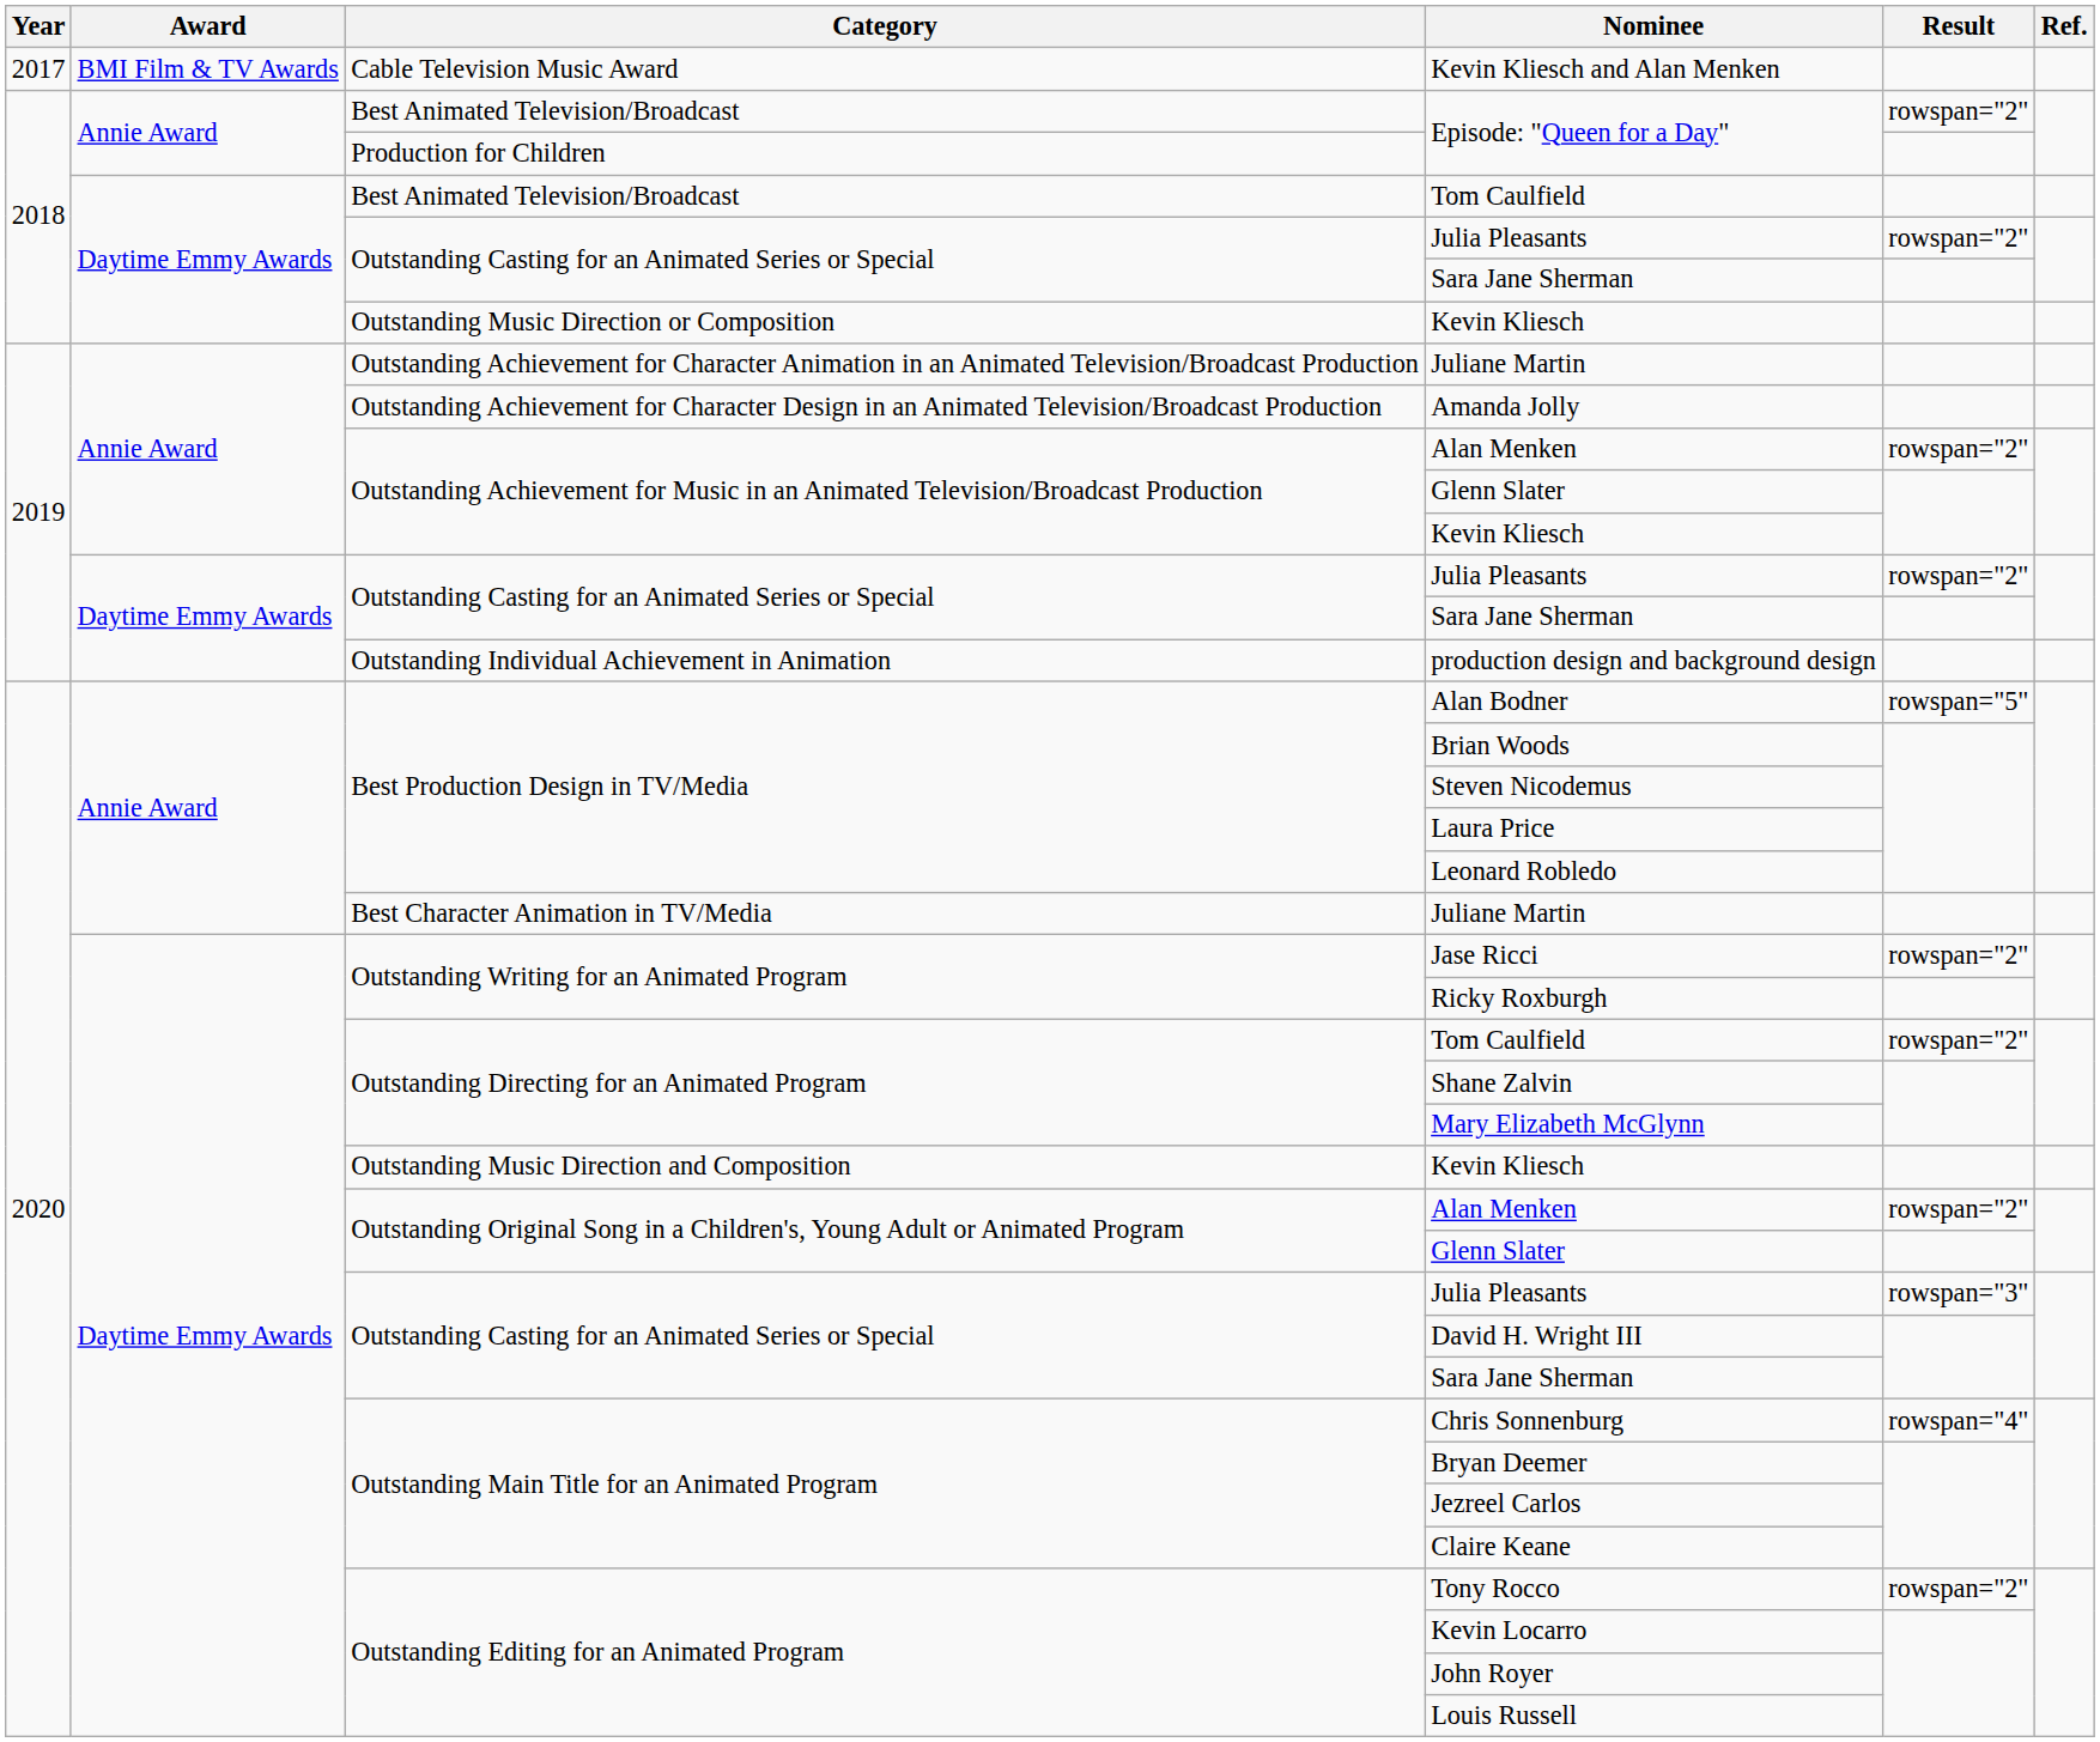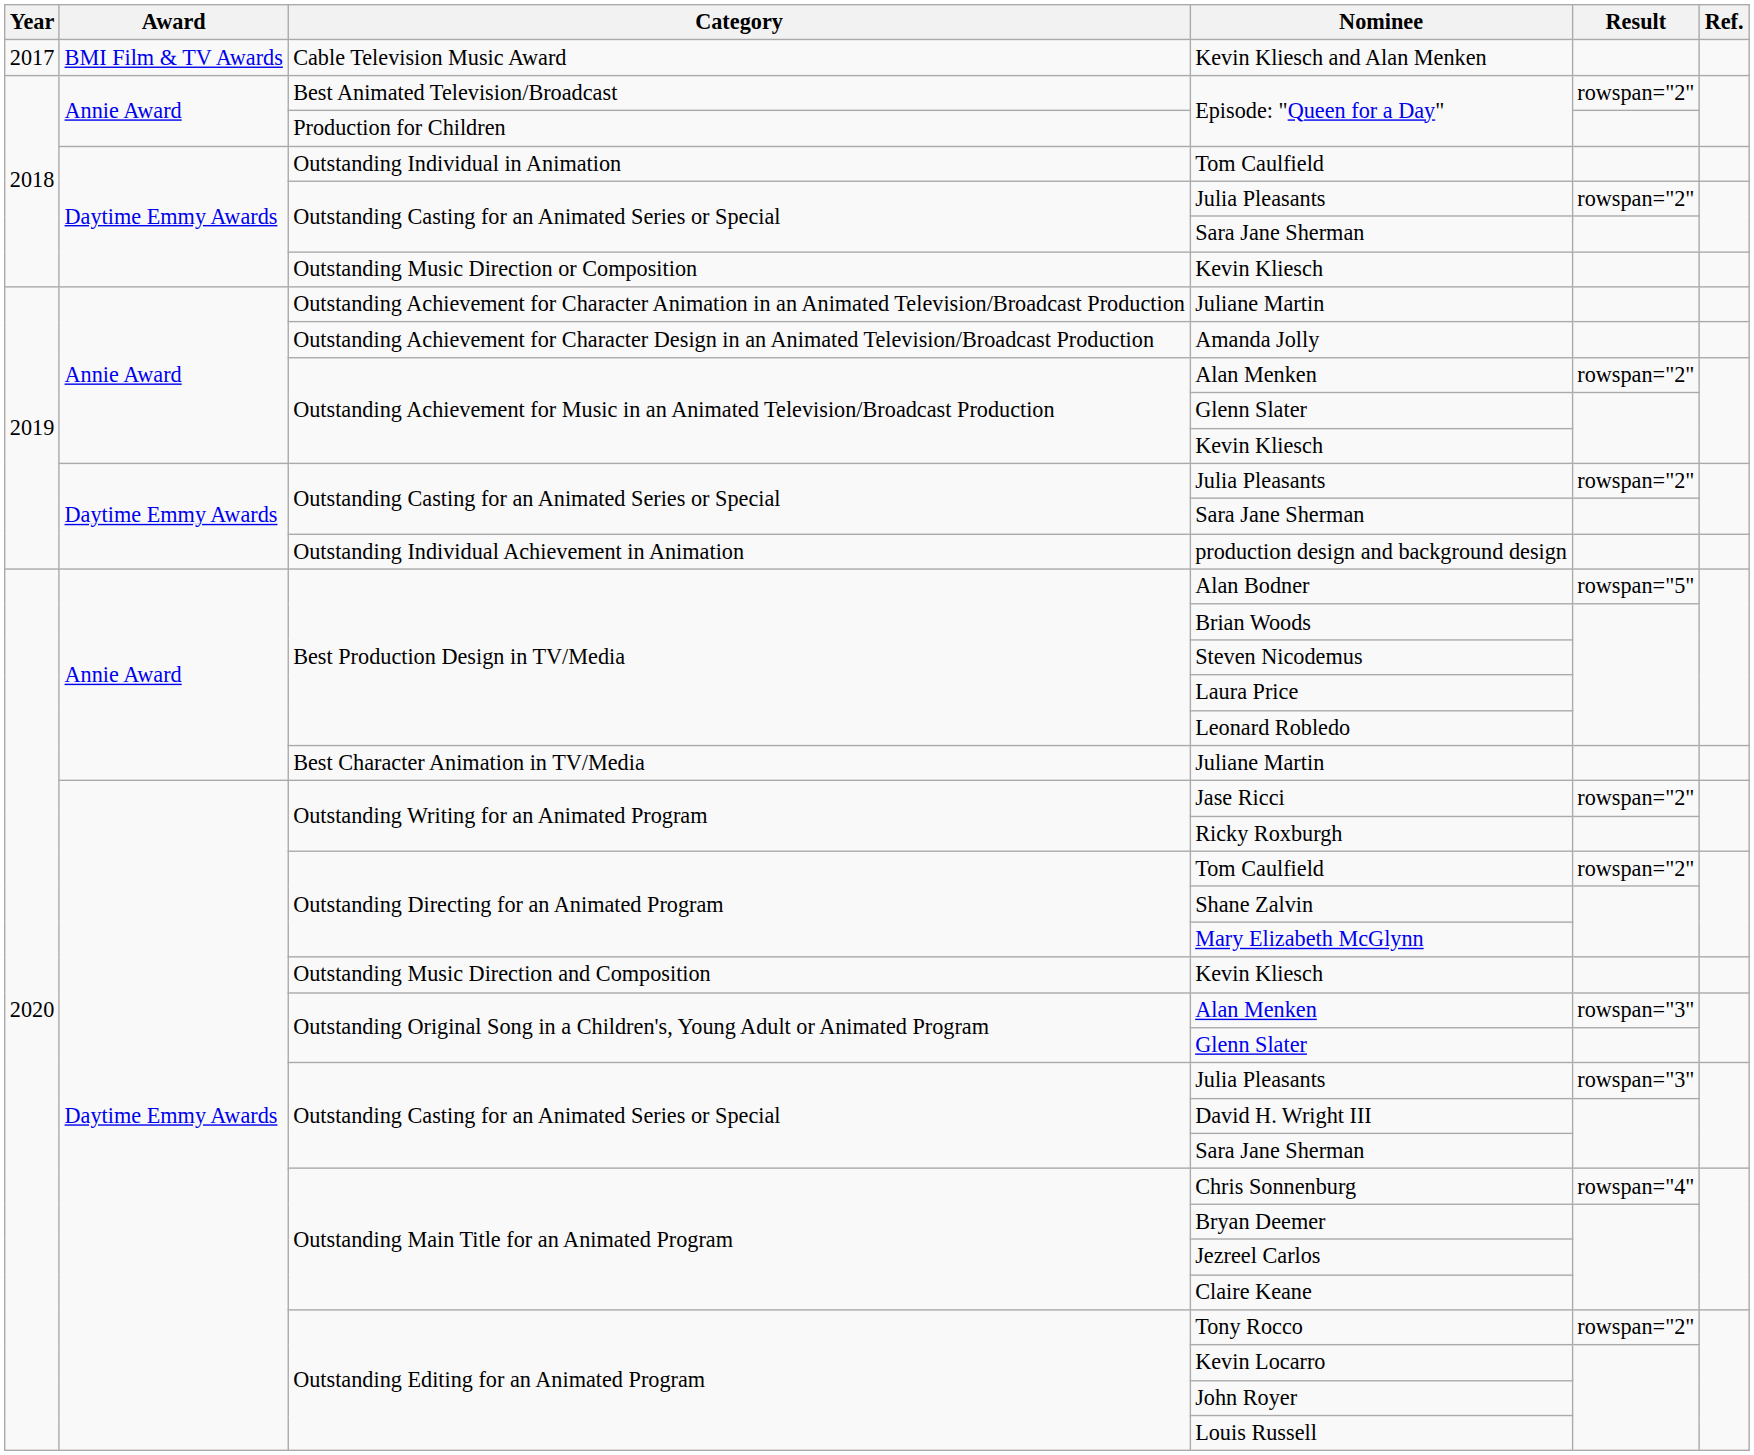 <table class="wikitable">
 <tr>
 <th>Year</th>
 <th>Award</th>
 <th>Category</th>
 <th>Nominee</th>
 <th>Result</th>
 <th>Ref.</th>
 </tr>
 <tr>
 <td>2017</td>
 <td><a href='#'>BMI Film & TV Awards</a></td>
 <td>Cable Television Music Award</td>
 <td>Kevin Kliesch and Alan Menken</td>
 <td></td>
 <td></td>
 </tr>
 <tr>
 <td rowspan="6">2018</td>
 <td rowspan="2"><a href='#'>Annie Award</a></td>
 <td>Best Animated Television/Broadcast</td>
 <td rowspan="2">Episode: "<a href='#'>Queen for a Day</a>"</td>
 <td>rowspan="2" </td>
 <td rowspan="2"></td>
 </tr>
 <tr>
 <td>Production for Children</td>
 </tr>
 <tr>
 <td rowspan="4"><a href='#'>Daytime Emmy Awards</a></td>
-<td>Best Animated Television/Broadcast</td>
+<td>Outstanding Individual in Animation</td>
 <td>Tom Caulfield</td>
 <td></td>
 <td align="center"></td>
 </tr>
 <tr>
 <td rowspan="2">Outstanding Casting for an  Animated Series or Special</td>
 <td>Julia Pleasants</td>
 <td>rowspan="2" </td>
 <td rowspan="2" align="center"></td>
 </tr>
 <tr>
 <td>Sara Jane Sherman</td>
 </tr>
 <tr>
 <td>Outstanding Music Direction or Composition</td>
 <td>Kevin Kliesch</td>
 <td></td>
 <td align="center"></td>
 </tr>
 <tr>
 <td rowspan="8">2019</td>
 <td rowspan="5"><a href='#'>Annie Award</a></td>
 <td>Outstanding Achievement for Character Animation in an Animated Television/Broadcast Production</td>
 <td>Juliane Martin</td>
 <td></td>
 <td align="center"></td>
 </tr>
 <tr>
 <td>Outstanding Achievement for Character Design in an Animated Television/Broadcast Production</td>
 <td>Amanda Jolly</td>
 <td></td>
 <td align="center"></td>
 </tr>
 <tr>
 <td rowspan="3">Outstanding Achievement for Music in an Animated Television/Broadcast Production</td>
 <td>Alan Menken</td>
 <td>rowspan="2" </td>
 <td rowspan="3" align="center"></td>
 </tr>
 <tr>
 <td>Glenn Slater</td>
 </tr>
 <tr>
 <td>Kevin Kliesch</td>
 </tr>
 <tr>
 <td rowspan="3"><a href='#'>Daytime Emmy Awards</a></td>
 <td rowspan="2">Outstanding Casting for an Animated Series or Special</td>
 <td>Julia Pleasants</td>
 <td>rowspan="2" </td>
 <td rowspan="2" align="center"></td>
 </tr>
 <tr>
 <td>Sara Jane Sherman</td>
 </tr>
 <tr>
 <td>Outstanding Individual Achievement in Animation</td>
 <td>production design and background design</td>
 <td></td>
 <td align="center"></td>
 </tr>
 <tr>
 <td rowspan="25">2020</td>
 <td rowspan="6"><a href='#'>Annie Award</a></td>
 <td rowspan="5">Best Production Design in TV/Media</td>
 <td>Alan Bodner</td>
 <td>rowspan="5" </td>
 <td rowspan="5" align="center"></td>
 </tr>
 <tr>
 <td>Brian Woods</td>
 </tr>
 <tr>
 <td>Steven Nicodemus</td>
 </tr>
 <tr>
 <td>Laura Price</td>
 </tr>
 <tr>
 <td>Leonard Robledo</td>
 </tr>
 <tr>
 <td>Best Character Animation in TV/Media</td>
 <td>Juliane Martin</td>
 <td></td>
 <td align= "center"></td>
 </tr>
 <tr>
 <td rowspan="19"><a href='#'>Daytime Emmy Awards</a></td>
 <td rowspan="2">Outstanding Writing for an Animated Program</td>
 <td>Jase Ricci</td>
 <td>rowspan="2" </td>
 <td rowspan="2" align= "center"></td>
 </tr>
 <tr>
 <td>Ricky Roxburgh</td>
 </tr>
 <tr>
 <td rowspan="3">Outstanding Directing for an Animated Program</td>
 <td>Tom Caulfield</td>
 <td>rowspan="2" </td>
 <td rowspan="3" align= "center"></td>
 </tr>
 <tr>
 <td>Shane Zalvin</td>
 </tr>
 <tr>
 <td><a href='#'>Mary Elizabeth McGlynn</a></td>
 </tr>
 <tr>
 <td>Outstanding Music Direction and Composition</td>
 <td>Kevin Kliesch</td>
 <td></td>
 <td align= "center"></td>
 </tr>
 <tr>
 <td rowspan="2">Outstanding Original Song in a Children's, Young Adult or Animated Program</td>
 <td><a href='#'>Alan Menken</a></td>
-<td>rowspan="2" </td>
+<td>rowspan="3" </td>
 <td rowspan="2" align= "center"></td>
 </tr>
 <tr>
 <td><a href='#'>Glenn Slater</a></td>
 </tr>
 <tr>
 <td rowspan="3">Outstanding Casting for an Animated Series or Special</td>
 <td>Julia Pleasants</td>
 <td>rowspan="3" </td>
 <td rowspan="3" align="center"></td>
 </tr>
 <tr>
 <td>David H. Wright III</td>
 </tr>
 <tr>
 <td>Sara Jane Sherman</td>
 </tr>
 <tr>
 <td rowspan="4">Outstanding Main Title for an Animated Program</td>
 <td>Chris Sonnenburg</td>
 <td>rowspan="4" </td>
 <td rowspan="4" align= "center"></td>
 </tr>
 <tr>
 <td>Bryan Deemer</td>
 </tr>
 <tr>
 <td>Jezreel Carlos</td>
 </tr>
 <tr>
 <td>Claire Keane</td>
 </tr>
 <tr>
 <td rowspan="4">Outstanding Editing for an Animated Program</td>
 <td>Tony Rocco</td>
 <td>rowspan="2" </td>
 <td rowspan="4" align= "center"></td>
 </tr>
 <tr>
 <td>Kevin Locarro</td>
 </tr>
 <tr>
 <td>John Royer</td>
 </tr>
 <tr>
 <td>Louis Russell</td>
 </tr>
 </table>
